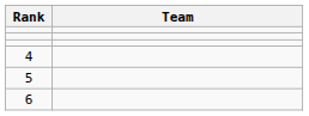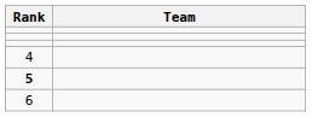 <table class="wikitable" style="text-align: center;">
 <tr>
 <th width=40>Rank</th>
 <th width=240>Team</th>
 </tr>
 <tr>
 <td></td>
 <td align=left></td>
 </tr>
 <tr>
 <td></td>
 <td align=left></td>
 </tr>
 <tr>
 <td></td>
 <td align=left></td>
 </tr>
 <tr>
 <td>4</td>
 <td align=left></td>
 </tr>
 <tr>
-<td>5</td>
+<td><strong>5</strong></td>
 <td align=left></td>
 </tr>
 <tr>
 <td>6</td>
 <td align=left></td>
 </tr>
 </table>
